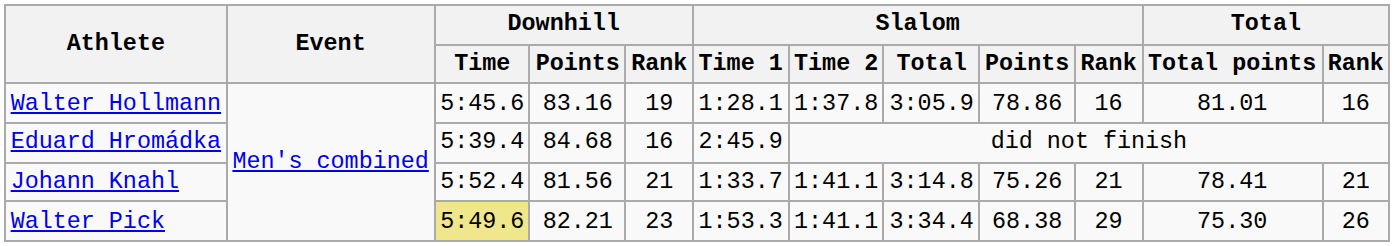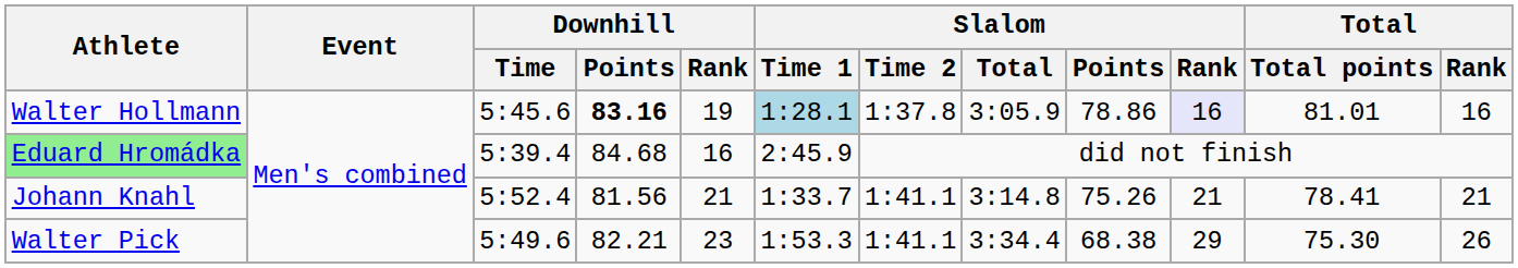 <table class="wikitable" style="font-size:90%">
 <tr>
 <th rowspan="2">Athlete</th>
 <th rowspan="2">Event</th>
 <th colspan="3">Downhill</th>
 <th colspan="5">Slalom</th>
 <th colspan="2">Total</th>
 </tr>
 <tr>
 <th>Time</th>
 <th>Points</th>
 <th>Rank</th>
 <th>Time 1</th>
 <th>Time 2</th>
 <th>Total</th>
 <th>Points</th>
 <th>Rank</th>
 <th>Total points</th>
 <th>Rank</th>
 </tr>
 <tr align="center">
 <td align="left"><a href='#'>Walter Hollmann</a></td>
 <td align="left" rowspan=4><a href='#'>Men's combined</a></td>
 <td>5:45.6</td>
-<td>83.16</td>
+<td><strong>83.16</strong></td>
 <td>19</td>
-<td>1:28.1</td>
+<td style="background: lightblue;">1:28.1</td>
 <td>1:37.8</td>
 <td>3:05.9</td>
 <td>78.86</td>
-<td>16</td>
+<td style="background: lavender;">16</td>
 <td>81.01</td>
 <td>16</td>
 </tr>
 <tr align="center">
-<td align="left"><a href='#'>Eduard Hromádka</a></td>
+<td align="left" style="background: lightgreen;"><a href='#'>Eduard Hromádka</a></td>
 <td>5:39.4</td>
 <td>84.68</td>
 <td>16</td>
 <td>2:45.9</td>
 <td colspan=6>did not finish</td>
 </tr>
 <tr align="center">
 <td align="left"><a href='#'>Johann Knahl</a></td>
 <td>5:52.4</td>
 <td>81.56</td>
 <td>21</td>
 <td>1:33.7</td>
 <td>1:41.1</td>
 <td>3:14.8</td>
 <td>75.26</td>
 <td>21</td>
 <td>78.41</td>
 <td>21</td>
 </tr>
 <tr align="center">
 <td align="left"><a href='#'>Walter Pick</a></td>
-<td style="background: khaki;">5:49.6</td>
+<td>5:49.6</td>
 <td>82.21</td>
 <td>23</td>
 <td>1:53.3</td>
 <td>1:41.1</td>
 <td>3:34.4</td>
 <td>68.38</td>
 <td>29</td>
 <td>75.30</td>
 <td>26</td>
 </tr>
 </table>
